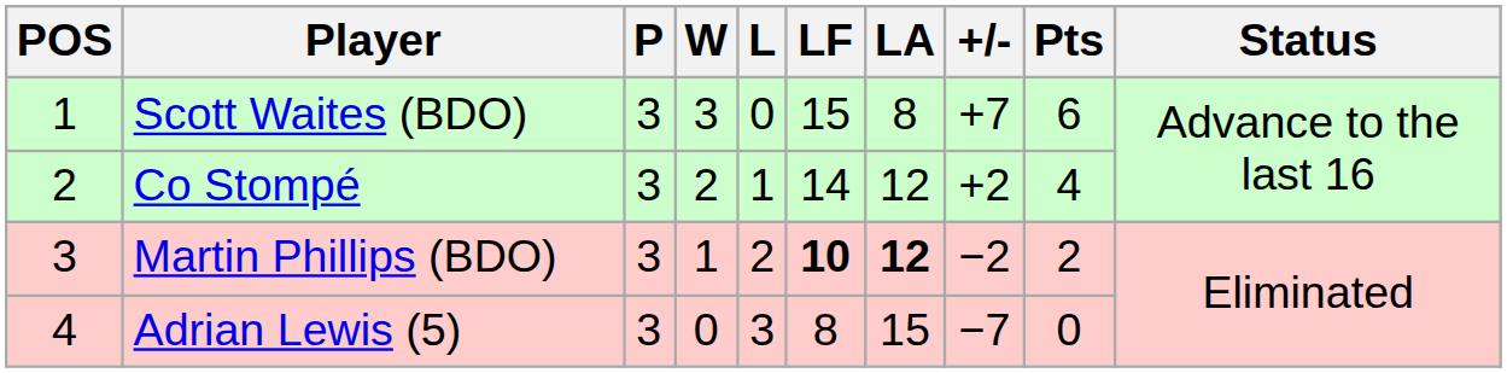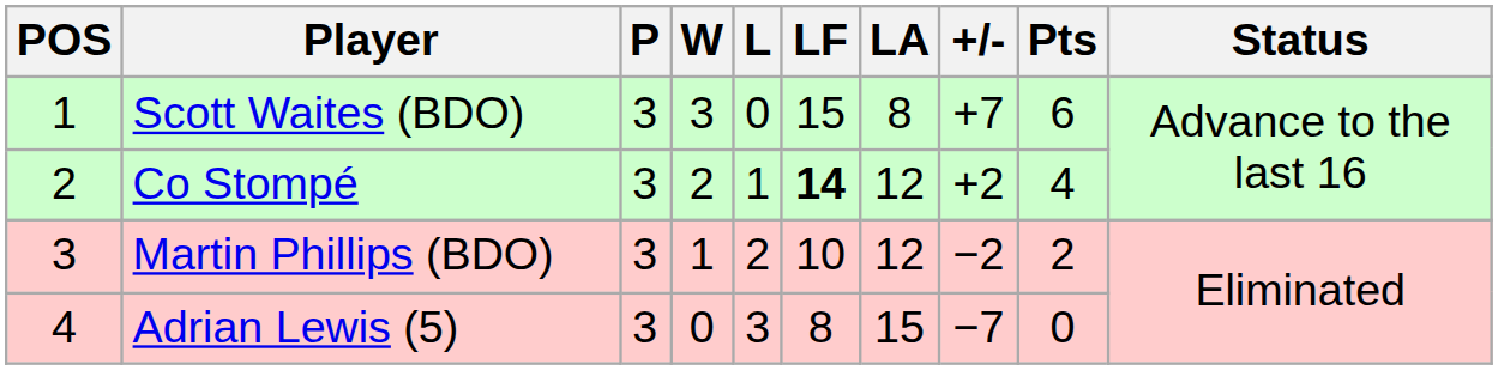 <table class="wikitable" style="text-align:center; margin: 1em auto 1em auto, align:left">
 <tr>
 <th width=20>POS</th>
 <th width=169>Player</th>
 <th width=3>P</th>
 <th width=3>W</th>
 <th width=3>L</th>
 <th width=20>LF</th>
 <th width=20>LA</th>
 <th width=20>+/-</th>
 <th width=20>Pts</th>
 <th width=129>Status</th>
 </tr>
 <tr style="background:#CCFFCC;">
 <td>1</td>
 <td style="text-align:left;"> <a href='#'>Scott Waites</a> (BDO)</td>
 <td>3</td>
 <td>3</td>
 <td>0</td>
 <td>15</td>
 <td>8</td>
 <td>+7</td>
 <td>6</td>
 <td rowspan=2>Advance to the last 16</td>
 </tr>
 <tr style="background:#CCFFCC;">
 <td>2</td>
 <td style="text-align:left;"> <a href='#'>Co Stompé</a></td>
 <td>3</td>
 <td>2</td>
 <td>1</td>
-<td>14</td>
+<td><strong>14</strong></td>
 <td>12</td>
 <td>+2</td>
 <td>4</td>
 </tr>
 <tr style="background:#FFCCCC;">
 <td>3</td>
 <td style="text-align:left;"> <a href='#'>Martin Phillips</a> (BDO)</td>
 <td>3</td>
 <td>1</td>
 <td>2</td>
-<td><strong>10</strong></td>
-<td><strong>12</strong></td>
+<td>10</td>
+<td>12</td>
 <td>−2</td>
 <td>2</td>
 <td rowspan=2>Eliminated</td>
 </tr>
 <tr style="background:#FFCCCC;">
 <td>4</td>
 <td style="text-align:left;"> <a href='#'>Adrian Lewis</a> (5)</td>
 <td>3</td>
 <td>0</td>
 <td>3</td>
 <td>8</td>
 <td>15</td>
 <td>−7</td>
 <td>0</td>
 </tr>
 </table>
